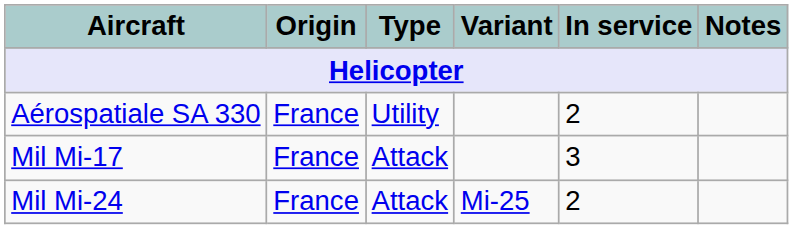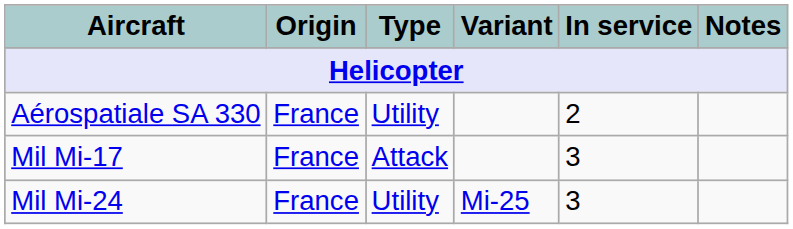 <table class="wikitable">
 <tr>
 <th style="text-align:center; background:#acc;">Aircraft</th>
 <th style="text-align: center; background:#acc;">Origin</th>
 <th style="text-align:l center; background:#acc;">Type</th>
 <th style="text-align:left; background:#acc;">Variant</th>
 <th style="text-align:center; background:#acc;">In service</th>
 <th style="text-align: center; background:#acc;">Notes</th>
 </tr>
 <tr>
 <th colspan="6" style="align: center; background: lavender;"><a href='#'>Helicopter</a></th>
 </tr>
 <tr>
 <td><a href='#'>Aérospatiale SA 330</a></td>
 <td><a href='#'>France</a></td>
 <td><a href='#'>Utility</a></td>
 <td></td>
 <td>2</td>
 <td></td>
 </tr>
 <tr>
 <td><a href='#'>Mil Mi-17</a></td>
 <td><a href='#'>France</a></td>
 <td><a href='#'>Attack</a></td>
 <td></td>
 <td>3</td>
 <td></td>
 </tr>
 <tr>
 <td><a href='#'>Mil Mi-24</a></td>
 <td><a href='#'>France</a></td>
-<td><a href='#'>Attack</a></td>
+<td><a href='#'>Utility</a></td>
 <td><a href='#'>Mi-25</a></td>
-<td>2</td>
+<td>3</td>
 <td></td>
 </tr>
 </table>
